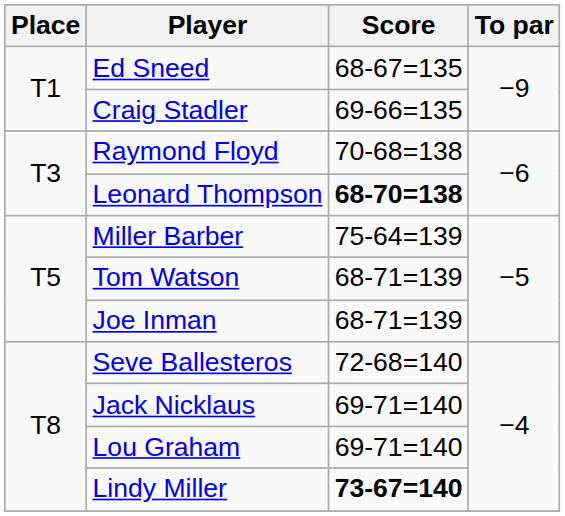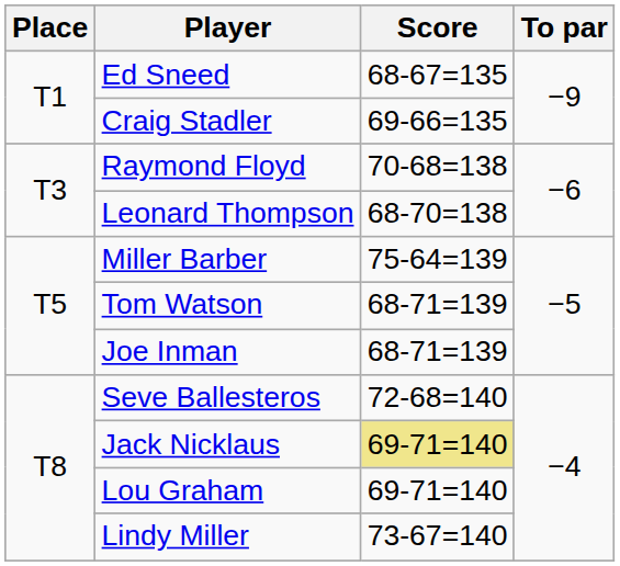 <table class="wikitable">
 <tr>
 <th>Place</th>
 <th>Player</th>
 <th>Score</th>
 <th>To par</th>
 </tr>
 <tr>
 <td align=center rowspan=2>T1</td>
 <td> <a href='#'>Ed Sneed</a></td>
 <td>68-67=135</td>
 <td rowspan=2 align=center>−9</td>
 </tr>
 <tr>
 <td> <a href='#'>Craig Stadler</a></td>
 <td>69-66=135</td>
 </tr>
 <tr>
 <td align=center rowspan=2>T3</td>
 <td> <a href='#'>Raymond Floyd</a></td>
 <td>70-68=138</td>
 <td rowspan=2 align=center>−6</td>
 </tr>
 <tr>
 <td> <a href='#'>Leonard Thompson</a></td>
-<td><strong>68-70=138</strong></td>
+<td>68-70=138</td>
 </tr>
 <tr>
 <td align=center rowspan=3>T5</td>
 <td> <a href='#'>Miller Barber</a></td>
 <td>75-64=139</td>
 <td rowspan=3 align=center>−5</td>
 </tr>
 <tr>
 <td> <a href='#'>Tom Watson</a></td>
 <td>68-71=139</td>
 </tr>
 <tr>
 <td> <a href='#'>Joe Inman</a></td>
 <td>68-71=139</td>
 </tr>
 <tr>
 <td align=center rowspan=4>T8</td>
 <td> <a href='#'>Seve Ballesteros</a></td>
 <td>72-68=140</td>
 <td rowspan=4 align=center>−4</td>
 </tr>
 <tr>
 <td> <a href='#'>Jack Nicklaus</a></td>
-<td>69-71=140</td>
+<td style="background: khaki;">69-71=140</td>
 </tr>
 <tr>
 <td> <a href='#'>Lou Graham</a></td>
 <td>69-71=140</td>
 </tr>
 <tr>
 <td> <a href='#'>Lindy Miller</a></td>
-<td><strong>73-67=140</strong></td>
+<td>73-67=140</td>
 </tr>
 </table>
